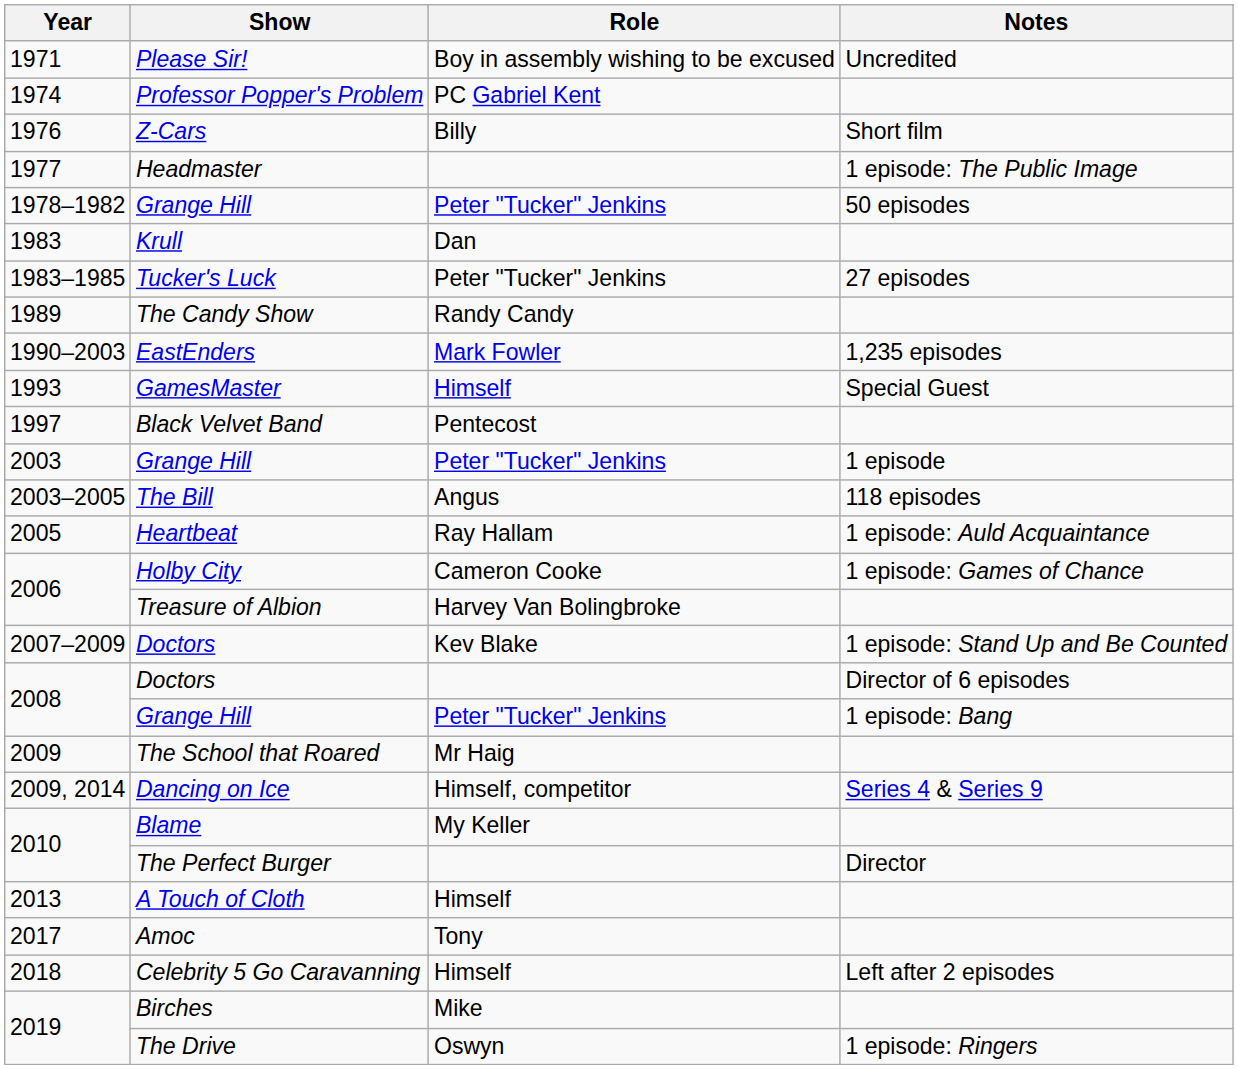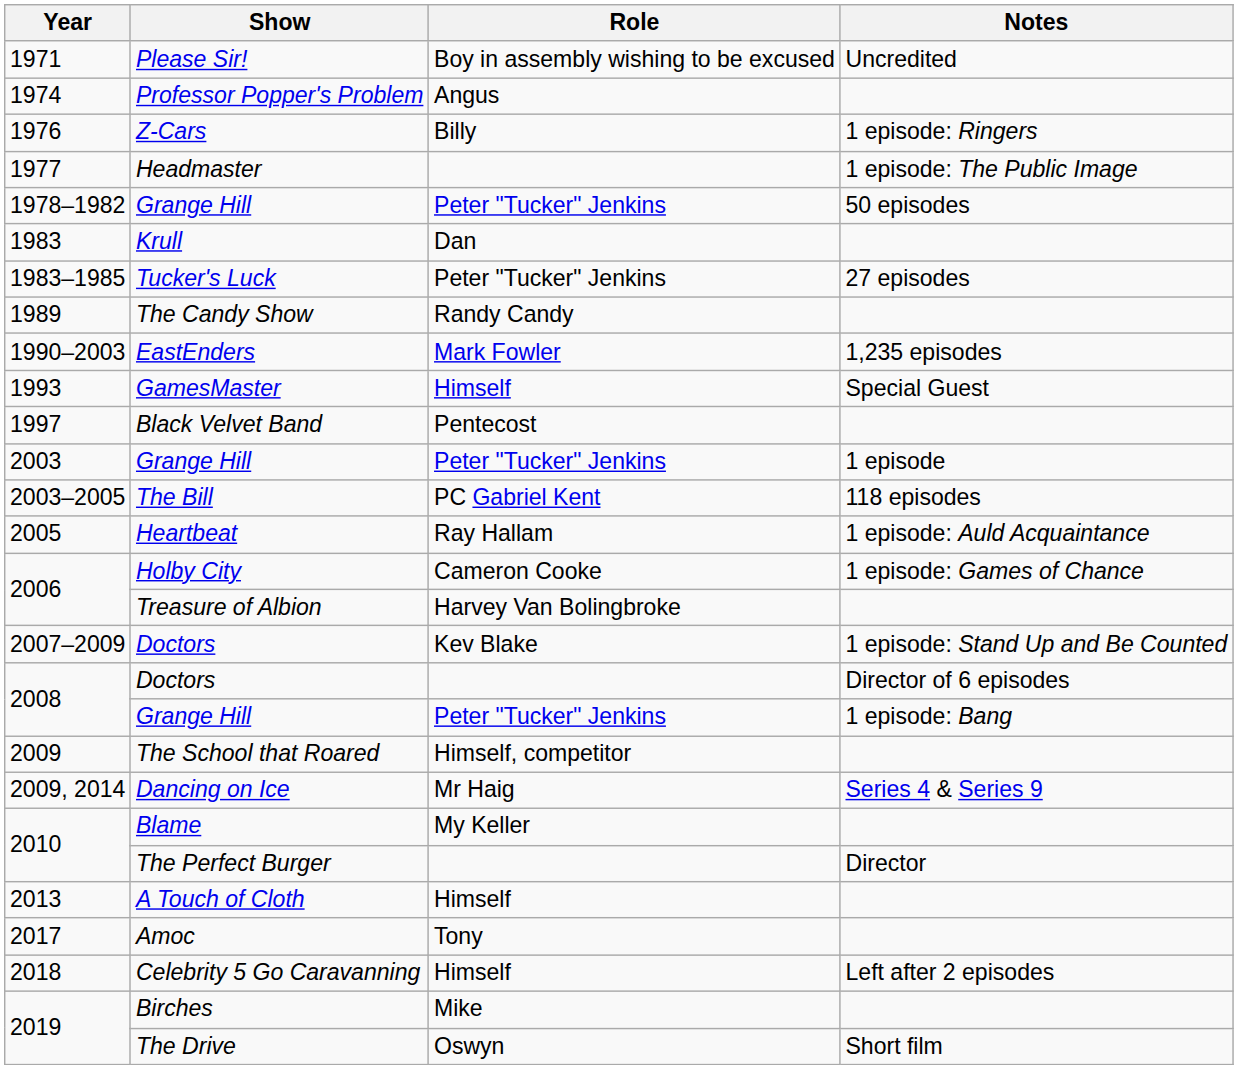 <table class="wikitable">
 <tr>
 <th>Year</th>
 <th>Show</th>
 <th>Role</th>
 <th>Notes</th>
 </tr>
 <tr>
 <td>1971</td>
 <td><em><a href='#'>Please Sir!</a></em></td>
 <td>Boy in assembly wishing to be excused</td>
 <td>Uncredited</td>
 </tr>
 <tr>
 <td>1974</td>
 <td><em><a href='#'>Professor Popper's Problem</a></em></td>
-<td>PC <a href='#'>Gabriel Kent</a></td>
+<td>Angus</td>
 <td></td>
 </tr>
 <tr>
 <td>1976</td>
 <td><em><a href='#'>Z-Cars</a></em></td>
 <td>Billy</td>
-<td>Short film</td>
+<td>1 episode: <em>Ringers</em></td>
 </tr>
 <tr>
 <td>1977</td>
 <td><em>Headmaster</em></td>
 <td></td>
 <td>1 episode: <em>The Public Image</em></td>
 </tr>
 <tr>
 <td>1978–1982</td>
 <td><em><a href='#'>Grange Hill</a></em></td>
 <td><a href='#'>Peter "Tucker" Jenkins</a></td>
 <td>50 episodes</td>
 </tr>
 <tr>
 <td>1983</td>
 <td><em><a href='#'>Krull</a></em></td>
 <td>Dan</td>
 <td></td>
 </tr>
 <tr>
 <td>1983–1985</td>
 <td><em><a href='#'>Tucker's Luck</a></em></td>
 <td>Peter "Tucker" Jenkins</td>
 <td>27 episodes</td>
 </tr>
 <tr>
 <td>1989</td>
 <td><em>The Candy Show</em></td>
 <td>Randy Candy</td>
 <td></td>
 </tr>
 <tr>
 <td>1990–2003</td>
 <td><em><a href='#'>EastEnders</a></em></td>
 <td><a href='#'>Mark Fowler</a></td>
 <td>1,235 episodes</td>
 </tr>
 <tr>
 <td>1993</td>
 <td><em><a href='#'>GamesMaster</a></em></td>
 <td><a href='#'>Himself</a></td>
 <td>Special Guest</td>
 </tr>
 <tr>
 <td>1997</td>
 <td><em>Black Velvet Band</em></td>
 <td>Pentecost</td>
 <td></td>
 </tr>
 <tr>
 <td>2003</td>
 <td><em><a href='#'>Grange Hill</a></em></td>
 <td><a href='#'>Peter "Tucker" Jenkins</a></td>
 <td>1 episode</td>
 </tr>
 <tr>
 <td>2003–2005</td>
 <td><em><a href='#'>The Bill</a></em></td>
-<td>Angus</td>
+<td>PC <a href='#'>Gabriel Kent</a></td>
 <td>118 episodes</td>
 </tr>
 <tr>
 <td rowspan="1">2005</td>
 <td><em><a href='#'>Heartbeat</a></em></td>
 <td>Ray Hallam</td>
 <td>1 episode: <em>Auld Acquaintance</em></td>
 </tr>
 <tr>
 <td rowspan="2">2006</td>
 <td><em><a href='#'>Holby City</a></em></td>
 <td>Cameron Cooke</td>
 <td>1 episode: <em>Games of Chance</em></td>
 </tr>
 <tr>
 <td><em>Treasure of Albion</em></td>
 <td>Harvey Van Bolingbroke</td>
 <td></td>
 </tr>
 <tr>
 <td>2007–2009</td>
 <td><em><a href='#'>Doctors</a></em></td>
 <td>Kev Blake</td>
 <td>1 episode: <em>Stand Up and Be Counted</em></td>
 </tr>
 <tr>
 <td rowspan="2">2008</td>
 <td><em>Doctors</em></td>
 <td></td>
 <td>Director of 6 episodes</td>
 </tr>
 <tr>
 <td><em><a href='#'>Grange Hill</a></em></td>
 <td><a href='#'>Peter "Tucker" Jenkins</a></td>
 <td>1 episode: <em>Bang</em></td>
 </tr>
 <tr>
 <td>2009</td>
 <td><em>The School that Roared</em></td>
-<td>Mr Haig</td>
+<td>Himself, competitor</td>
 <td></td>
 </tr>
 <tr>
 <td>2009, 2014</td>
 <td><em><a href='#'>Dancing on Ice</a></em></td>
-<td>Himself, competitor</td>
+<td>Mr Haig</td>
 <td><a href='#'>Series 4</a> & <a href='#'>Series 9</a></td>
 </tr>
 <tr>
 <td rowspan="2">2010</td>
 <td><em><a href='#'>Blame</a></em></td>
 <td>My Keller</td>
 <td></td>
 </tr>
 <tr>
 <td><em>The Perfect Burger</em></td>
 <td></td>
 <td>Director</td>
 </tr>
 <tr>
 <td>2013</td>
 <td><em><a href='#'>A Touch of Cloth</a></em></td>
 <td>Himself</td>
 <td></td>
 </tr>
 <tr>
 <td>2017</td>
 <td><em>Amoc</em></td>
 <td>Tony</td>
 <td></td>
 </tr>
 <tr>
 <td>2018</td>
 <td><em>Celebrity 5 Go Caravanning</em></td>
 <td>Himself</td>
 <td>Left after 2 episodes</td>
 </tr>
 <tr>
 <td rowspan="2'">2019</td>
 <td><em>Birches</em></td>
 <td>Mike</td>
 <td></td>
 </tr>
 <tr>
 <td><em>The Drive</em></td>
 <td>Oswyn</td>
-<td>1 episode: <em>Ringers</em></td>
+<td>Short film</td>
 </tr>
 </table>
